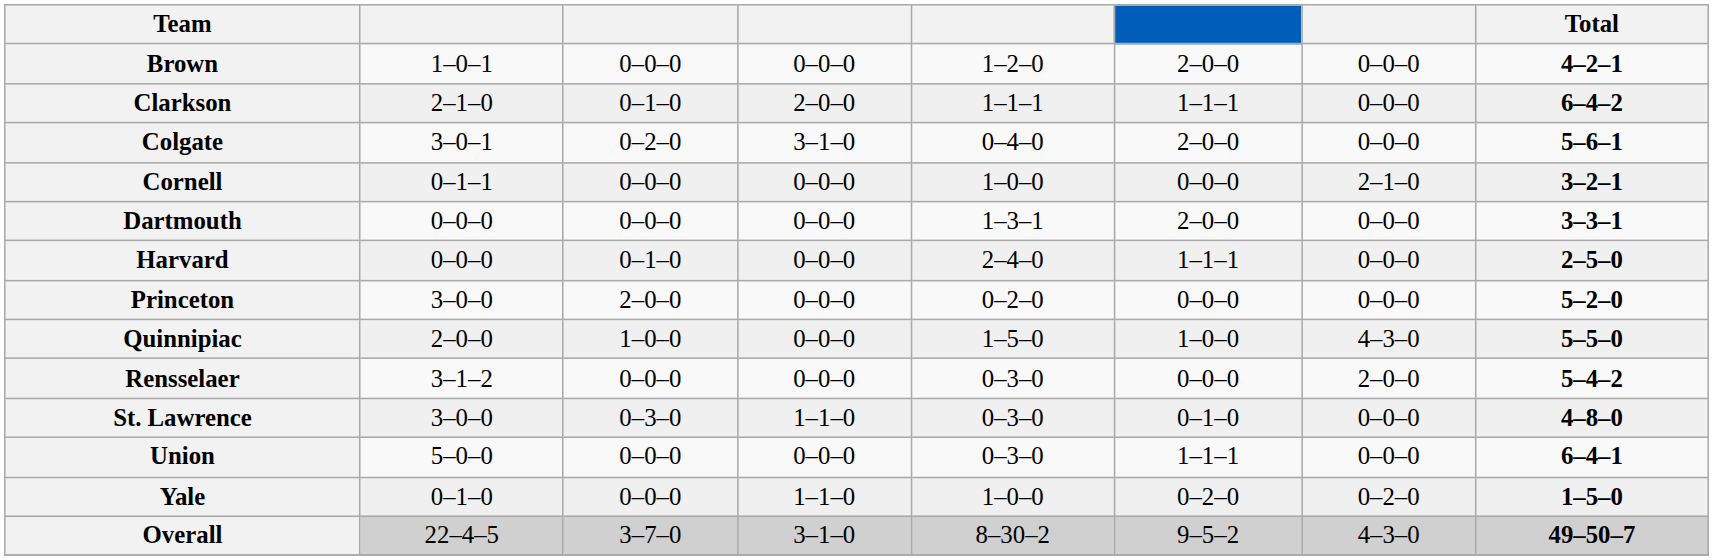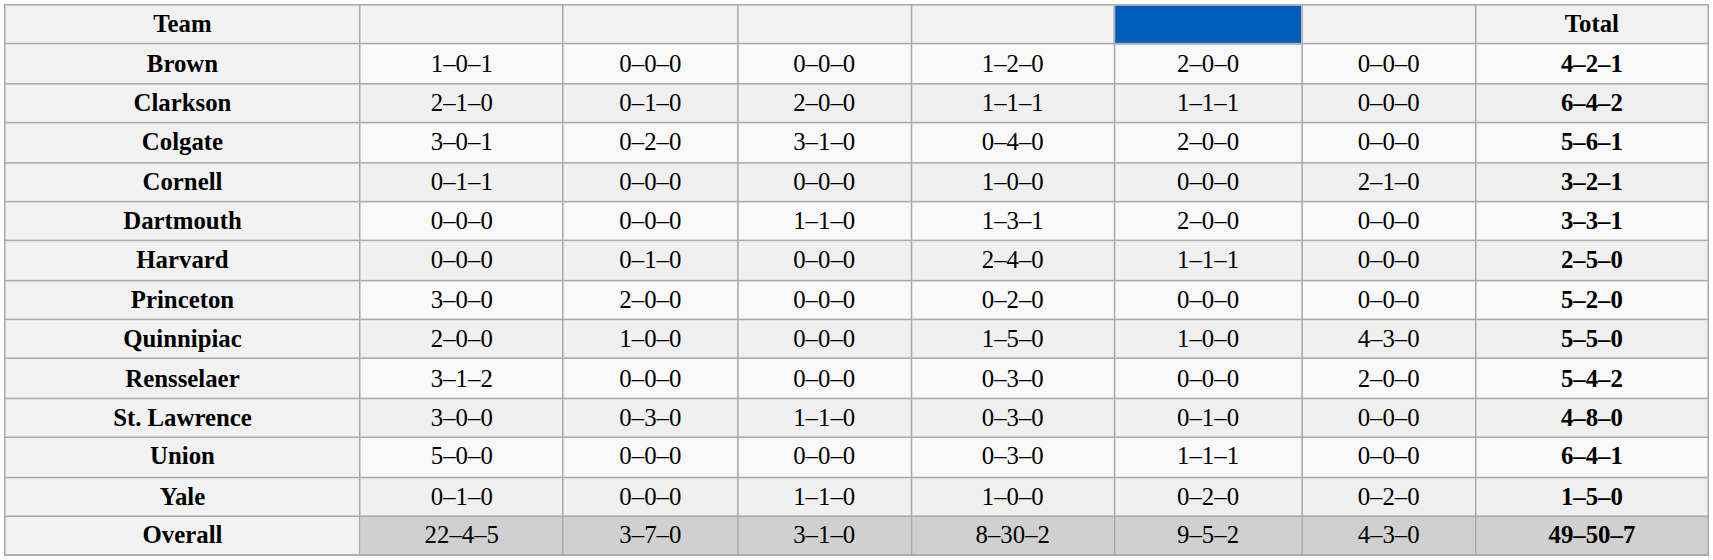 <table class="wikitable" style="text-align: center; "width=1100">
 <tr>
 <th>Team</th>
 <th><a href='#'></a></th>
 <th><a href='#'></a></th>
 <th><a href='#'></a></th>
 <th><a href='#'></a></th>
 <th style="color:white; background:#005EB8"; width=11%><a href='#'></a></th>
 <th><a href='#'></a></th>
 <th>Total</th>
 </tr>
 <tr>
 <th>Brown</th>
 <td>1–0–1</td>
 <td>0–0–0</td>
 <td>0–0–0</td>
 <td>1–2–0</td>
 <td>2–0–0</td>
 <td>0–0–0</td>
 <td><strong>4–2–1</strong></td>
 </tr>
 <tr bgcolor=f0f0f0>
 <th>Clarkson</th>
 <td>2–1–0</td>
 <td>0–1–0</td>
 <td>2–0–0</td>
 <td>1–1–1</td>
 <td>1–1–1</td>
 <td>0–0–0</td>
 <td><strong>6–4–2</strong></td>
 </tr>
 <tr>
 <th>Colgate</th>
 <td>3–0–1</td>
 <td>0–2–0</td>
 <td>3–1–0</td>
 <td>0–4–0</td>
 <td>2–0–0</td>
 <td>0–0–0</td>
 <td><strong>5–6–1</strong></td>
 </tr>
 <tr bgcolor=f0f0f0>
 <th>Cornell</th>
 <td>0–1–1</td>
 <td>0–0–0</td>
 <td>0–0–0</td>
 <td>1–0–0</td>
 <td>0–0–0</td>
 <td>2–1–0</td>
 <td><strong>3–2–1</strong></td>
 </tr>
 <tr>
 <th>Dartmouth</th>
 <td>0–0–0</td>
 <td>0–0–0</td>
-<td>0–0–0</td>
+<td>1–1–0</td>
 <td>1–3–1</td>
 <td>2–0–0</td>
 <td>0–0–0</td>
 <td><strong>3–3–1</strong></td>
 </tr>
 <tr bgcolor=f0f0f0>
 <th>Harvard</th>
 <td>0–0–0</td>
 <td>0–1–0</td>
 <td>0–0–0</td>
 <td>2–4–0</td>
 <td>1–1–1</td>
 <td>0–0–0</td>
 <td><strong>2–5–0</strong></td>
 </tr>
 <tr>
 <th>Princeton</th>
 <td>3–0–0</td>
 <td>2–0–0</td>
 <td>0–0–0</td>
 <td>0–2–0</td>
 <td>0–0–0</td>
 <td>0–0–0</td>
 <td><strong>5–2–0</strong></td>
 </tr>
 <tr bgcolor=f0f0f0>
 <th>Quinnipiac</th>
 <td>2–0–0</td>
 <td>1–0–0</td>
 <td>0–0–0</td>
 <td>1–5–0</td>
 <td>1–0–0</td>
 <td>4–3–0</td>
 <td><strong>5–5–0</strong></td>
 </tr>
 <tr>
 <th>Rensselaer</th>
 <td>3–1–2</td>
 <td>0–0–0</td>
 <td>0–0–0</td>
 <td>0–3–0</td>
 <td>0–0–0</td>
 <td>2–0–0</td>
 <td><strong>5–4–2</strong></td>
 </tr>
 <tr bgcolor=f0f0f0>
 <th>St. Lawrence</th>
 <td>3–0–0</td>
 <td>0–3–0</td>
 <td>1–1–0</td>
 <td>0–3–0</td>
 <td>0–1–0</td>
 <td>0–0–0</td>
 <td><strong>4–8–0</strong></td>
 </tr>
 <tr>
 <th>Union</th>
 <td>5–0–0</td>
 <td>0–0–0</td>
 <td>0–0–0</td>
 <td>0–3–0</td>
 <td>1–1–1</td>
 <td>0–0–0</td>
 <td><strong>6–4–1</strong></td>
 </tr>
 <tr bgcolor=f0f0f0>
 <th>Yale</th>
 <td>0–1–0</td>
 <td>0–0–0</td>
 <td>1–1–0</td>
 <td>1–0–0</td>
 <td>0–2–0</td>
 <td>0–2–0</td>
 <td><strong>1–5–0</strong></td>
 </tr>
 <tr bgcolor=d0d0d0>
 <th>Overall</th>
 <td>22–4–5</td>
 <td>3–7–0</td>
 <td>3–1–0</td>
 <td>8–30–2</td>
 <td>9–5–2</td>
 <td>4–3–0</td>
 <td><strong>49–50–7</strong></td>
 </tr>
 <tr>
 </tr>
 </table>
